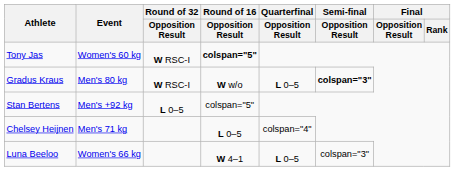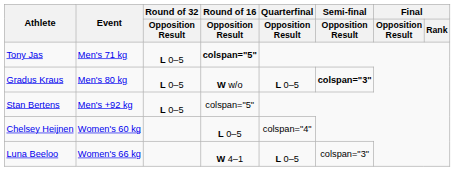 <table class=wikitable style=font-size:90%;text-align:center>
 <tr>
 <th rowspan=2>Athlete</th>
 <th rowspan=2>Event</th>
 <th>Round of 32</th>
 <th>Round of 16</th>
 <th>Quarterfinal</th>
 <th>Semi-final</th>
 <th colspan=2>Final</th>
 </tr>
 <tr style=font-size:95%>
 <th>Opposition<br>Result</th>
 <th>Opposition<br>Result</th>
 <th>Opposition<br>Result</th>
 <th>Opposition<br>Result</th>
 <th>Opposition<br>Result</th>
 <th>Rank</th>
 </tr>
 <tr>
 <td align=left><a href='#'>Tony Jas</a></td>
-<td align=left><a href='#'>Women's 60 kg</a></td>
-<td><br><strong>W</strong> RSC-I</td>
+<td align=left><a href='#'>Men's 71 kg</a></td>
+<td><br><strong>L</strong> 0–5</td>
 <td><strong>colspan="5" </strong></td>
 </tr>
 <tr>
 <td align=left><a href='#'>Gradus Kraus</a></td>
 <td align=left><a href='#'>Men's 80 kg</a></td>
-<td><br><strong>W</strong> RSC-I</td>
+<td><br><strong>L</strong> 0–5</td>
 <td><br><strong>W</strong> w/o</td>
 <td><br><strong>L</strong> 0–5</td>
 <td><strong>colspan="3" </strong></td>
 </tr>
 <tr>
 <td align=left><a href='#'>Stan Bertens</a></td>
 <td align=left><a href='#'>Men's +92 kg</a></td>
 <td><br><strong>L</strong> 0–5</td>
 <td>colspan="5" </td>
 </tr>
 <tr>
 <td align=left><a href='#'>Chelsey Heijnen</a></td>
-<td align=left><a href='#'>Men's 71 kg</a></td>
+<td align=left><a href='#'>Women's 60 kg</a></td>
 <td></td>
 <td><br><strong>L</strong> 0–5</td>
 <td>colspan="4" </td>
 </tr>
 <tr>
 <td align=left><a href='#'>Luna Beeloo</a></td>
 <td align=left><a href='#'>Women's 66 kg</a></td>
 <td></td>
 <td><br><strong>W</strong> 4–1</td>
 <td><br><strong>L</strong> 0–5</td>
 <td>colspan="3" </td>
 </tr>
 </table>
